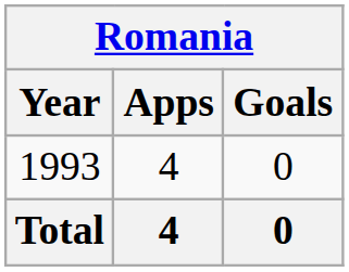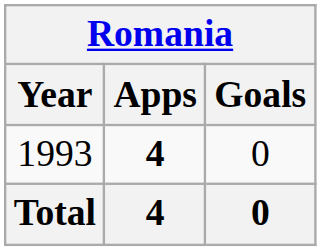 <table class="wikitable" style="text-align:center">
 <tr>
 <th colspan=3><a href='#'>Romania</a></th>
 </tr>
 <tr>
 <th>Year</th>
 <th>Apps</th>
 <th>Goals</th>
 </tr>
 <tr>
 <td>1993</td>
-<td>4</td>
+<td><strong>4</strong></td>
 <td>0</td>
 </tr>
 <tr>
 <th>Total</th>
 <th>4</th>
 <th>0</th>
 </tr>
 </table>
